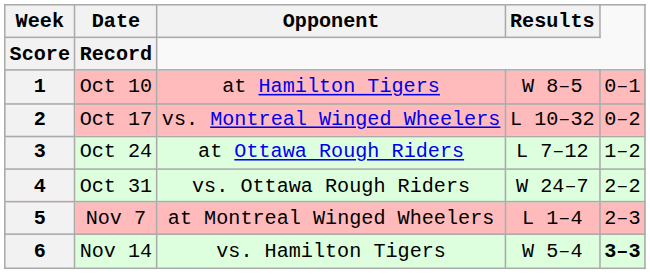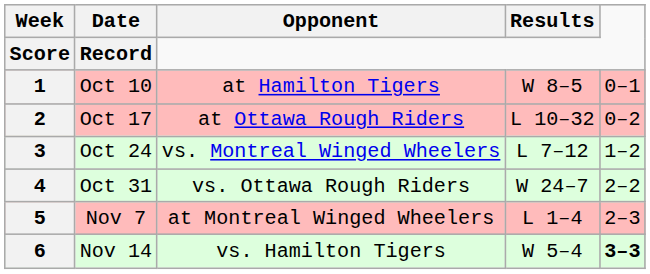 <table class="wikitable" style="text-align:center">
 <tr>
 <th>Week</th>
 <th>Date</th>
 <th>Opponent</th>
 <th>Results</th>
 </tr>
 <tr>
 <th>Score</th>
 <th>Record</th>
 </tr>
 <tr style="background:#ffbbbb">
 <th>1</th>
 <td>Oct 10</td>
 <td>at <a href='#'>Hamilton Tigers</a></td>
 <td>W 8–5</td>
 <td>0–1</td>
 </tr>
 <tr style="background:#ffbbbb">
 <th>2</th>
 <td>Oct 17</td>
-<td>vs. <a href='#'>Montreal Winged Wheelers</a></td>
+<td>at <a href='#'>Ottawa Rough Riders</a></td>
 <td>L 10–32</td>
 <td>0–2</td>
 </tr>
 <tr style="background:#ddffdd">
 <th>3</th>
 <td>Oct 24</td>
-<td>at <a href='#'>Ottawa Rough Riders</a></td>
+<td>vs. <a href='#'>Montreal Winged Wheelers</a></td>
 <td>L 7–12</td>
 <td>1–2</td>
 </tr>
 <tr style="background:#ddffdd">
 <th>4</th>
 <td>Oct 31</td>
 <td>vs. Ottawa Rough Riders</td>
 <td>W 24–7</td>
 <td>2–2</td>
 </tr>
 <tr style="background:#ffbbbb">
 <th>5</th>
 <td>Nov 7</td>
 <td>at Montreal Winged Wheelers</td>
 <td>L 1–4</td>
 <td>2–3</td>
 </tr>
 <tr style="background:#ddffdd">
 <th>6</th>
 <td>Nov 14</td>
 <td>vs. Hamilton Tigers</td>
 <td>W 5–4</td>
 <td><strong>3–3</strong></td>
 </tr>
 </table>
